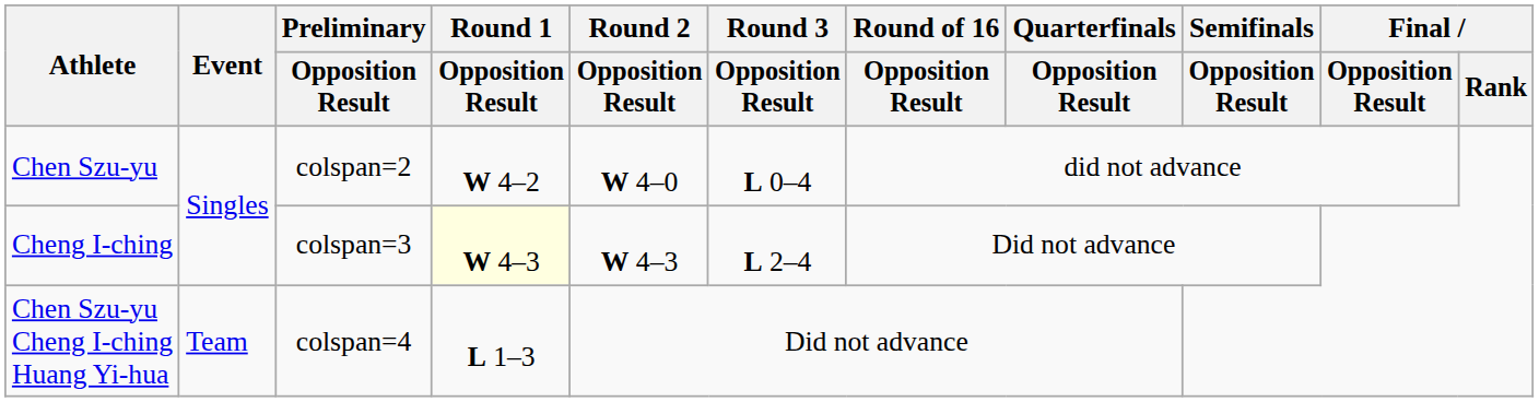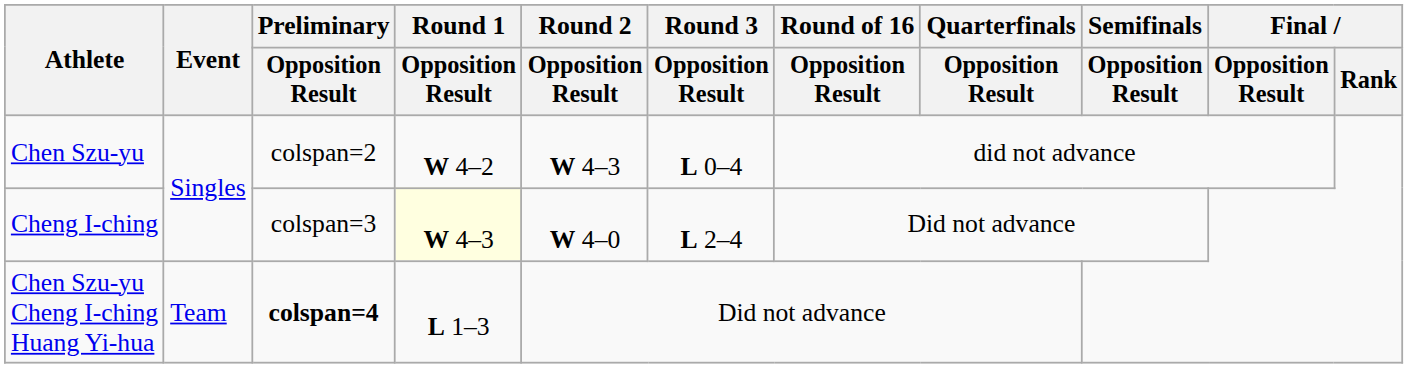 <table class="wikitable" style="font-size:90%;">
 <tr>
 <th rowspan=2>Athlete</th>
 <th rowspan=2>Event</th>
 <th>Preliminary</th>
 <th>Round 1</th>
 <th>Round 2</th>
 <th>Round 3</th>
 <th>Round of 16</th>
 <th>Quarterfinals</th>
 <th>Semifinals</th>
 <th colspan=2>Final / </th>
 </tr>
 <tr style="font-size:95%">
 <th>Opposition<br>Result</th>
 <th>Opposition<br>Result</th>
 <th>Opposition<br>Result</th>
 <th>Opposition<br>Result</th>
 <th>Opposition<br>Result</th>
 <th>Opposition<br>Result</th>
 <th>Opposition<br>Result</th>
 <th>Opposition<br>Result</th>
 <th>Rank</th>
 </tr>
 <tr align=center>
 <td align=left><a href='#'>Chen Szu-yu</a></td>
 <td align=left rowspan=2><a href='#'>Singles</a></td>
 <td>colspan=2 </td>
 <td><br><strong>W</strong> 4–2</td>
-<td><br><strong>W</strong> 4–0</td>
+<td><br><strong>W</strong> 4–3</td>
 <td><br><strong>L</strong> 0–4</td>
 <td colspan=4>did not advance</td>
 </tr>
 <tr align=center>
 <td align=left><a href='#'>Cheng I-ching</a></td>
 <td>colspan=3 </td>
 <td style="background: lightyellow;"><br><strong>W</strong> 4–3</td>
-<td><br><strong>W</strong> 4–3</td>
+<td><br><strong>W</strong> 4–0</td>
 <td><br><strong>L</strong> 2–4</td>
 <td colspan=3>Did not advance</td>
 </tr>
 <tr align=center>
 <td align=left><a href='#'>Chen Szu-yu</a><br><a href='#'>Cheng I-ching</a><br><a href='#'>Huang Yi-hua</a></td>
 <td align=left><a href='#'>Team</a></td>
-<td>colspan=4 </td>
+<td><strong>colspan=4 </strong></td>
 <td><br><strong>L</strong> 1–3</td>
 <td colspan=4>Did not advance</td>
 </tr>
 </table>
